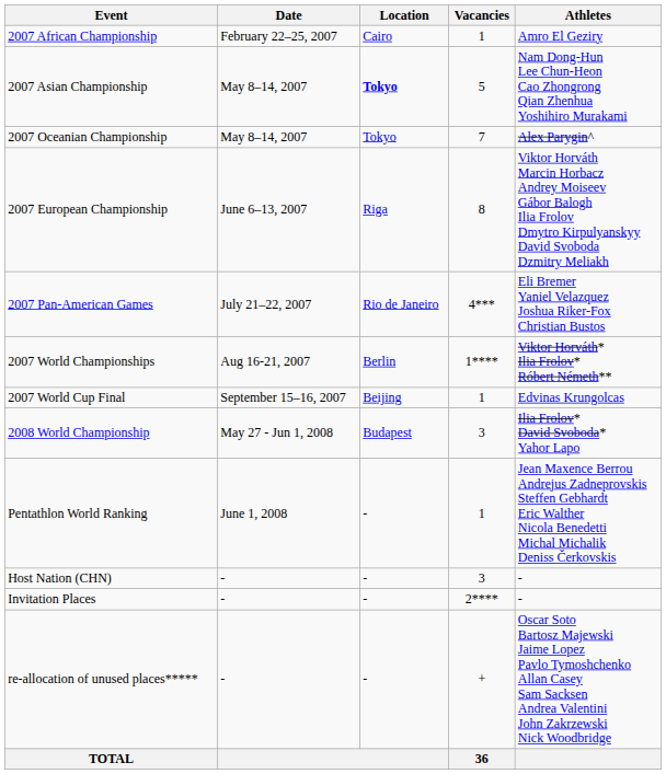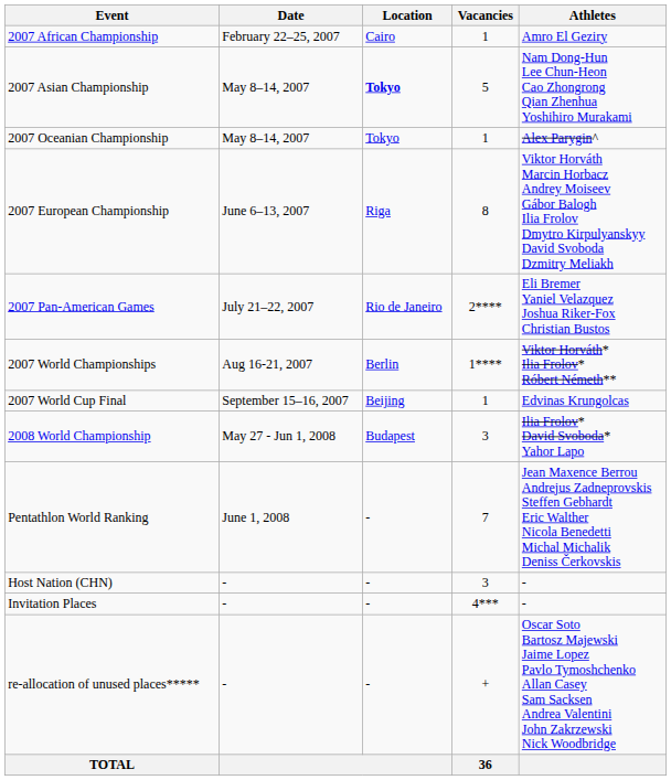 <table class=wikitable width=800>
 <tr>
 <th>Event</th>
 <th>Date</th>
 <th>Location</th>
 <th>Vacancies</th>
 <th>Athletes</th>
 </tr>
 <tr>
 <td><a href='#'>2007 African Championship</a></td>
 <td>February 22–25, 2007</td>
 <td> <a href='#'>Cairo</a></td>
 <td align="center">1</td>
 <td> <a href='#'>Amro El Geziry</a></td>
 </tr>
 <tr>
 <td>2007 Asian Championship</td>
 <td>May 8–14, 2007</td>
 <td><strong> <a href='#'>Tokyo</a></strong></td>
 <td align="center">5</td>
 <td> <a href='#'>Nam Dong-Hun</a><br> <a href='#'>Lee Chun-Heon</a><br> <a href='#'>Cao Zhongrong</a><br> <a href='#'>Qian Zhenhua</a><br> <a href='#'>Yoshihiro Murakami</a></td>
 </tr>
 <tr>
 <td>2007 Oceanian Championship</td>
 <td>May 8–14, 2007</td>
 <td> <a href='#'>Tokyo</a></td>
-<td align="center">7</td>
+<td align="center">1</td>
 <td><s> <a href='#'>Alex Parygin</a></s>^</td>
 </tr>
 <tr>
 <td>2007 European Championship</td>
 <td>June 6–13, 2007</td>
 <td> <a href='#'>Riga</a></td>
 <td align="center">8</td>
 <td> <a href='#'>Viktor Horváth</a><br> <a href='#'>Marcin Horbacz</a><br> <a href='#'>Andrey Moiseev</a><br> <a href='#'>Gábor Balogh</a><br> <a href='#'>Ilia Frolov</a><br> <a href='#'>Dmytro Kirpulyanskyy</a><br> <a href='#'>David Svoboda</a><br> <a href='#'>Dzmitry Meliakh</a></td>
 </tr>
 <tr>
 <td><a href='#'>2007 Pan-American Games</a></td>
 <td>July 21–22, 2007</td>
 <td> <a href='#'>Rio de Janeiro</a></td>
-<td align="center">4***</td>
+<td align="center">2****</td>
 <td> <a href='#'>Eli Bremer</a><br> <a href='#'>Yaniel Velazquez</a><br> <a href='#'>Joshua Riker-Fox</a><br> <a href='#'>Christian Bustos</a></td>
 </tr>
 <tr>
 <td>2007 World Championships</td>
 <td>Aug 16-21, 2007</td>
 <td> <a href='#'>Berlin</a></td>
 <td align="center">1****</td>
 <td><s> <a href='#'>Viktor Horváth</a></s>*<br><s> <a href='#'>Ilia Frolov</a></s>*<br><s> <a href='#'>Róbert Németh</a></s>**</td>
 </tr>
 <tr>
 <td>2007 World Cup Final</td>
 <td>September 15–16, 2007</td>
 <td> <a href='#'>Beijing</a></td>
 <td align="center">1</td>
 <td> <a href='#'>Edvinas Krungolcas</a></td>
 </tr>
 <tr>
 <td><a href='#'>2008 World Championship</a></td>
 <td>May 27 - Jun 1, 2008</td>
 <td> <a href='#'>Budapest</a></td>
 <td align="center">3</td>
 <td><s> <a href='#'>Ilia Frolov</a></s>*<br><s> <a href='#'>David Svoboda</a></s>*<br> <a href='#'>Yahor Lapo</a></td>
 </tr>
 <tr>
 <td>Pentathlon World Ranking</td>
 <td>June 1, 2008</td>
 <td>-</td>
-<td align="center">1</td>
+<td align="center">7</td>
 <td> <a href='#'>Jean Maxence Berrou</a><br> <a href='#'>Andrejus Zadneprovskis</a><br> <a href='#'>Steffen Gebhardt</a><br> <a href='#'>Eric Walther</a><br> <a href='#'>Nicola Benedetti</a><br> <a href='#'>Michal Michalik</a><br> <a href='#'>Deniss Čerkovskis</a></td>
 </tr>
 <tr>
 <td>Host Nation (CHN)</td>
 <td>-</td>
 <td>-</td>
 <td align="center">3</td>
 <td>-</td>
 </tr>
 <tr>
 <td>Invitation Places</td>
 <td>-</td>
 <td>-</td>
-<td align="center">2****</td>
+<td align="center">4***</td>
 <td>-</td>
 </tr>
 <tr>
 <td>re-allocation of unused places*****</td>
 <td>-</td>
 <td>-</td>
 <td align="center">+</td>
 <td> <a href='#'>Oscar Soto</a><br> <a href='#'>Bartosz Majewski</a><br> <a href='#'>Jaime Lopez</a><br> <a href='#'>Pavlo Tymoshchenko</a><br> <a href='#'>Allan Casey</a><br> <a href='#'>Sam Sacksen</a><br> <a href='#'>Andrea Valentini</a><br> <a href='#'>John Zakrzewski</a><br> <a href='#'>Nick Woodbridge</a></td>
 </tr>
 <tr>
 <th>TOTAL</th>
 <th colspan="2"></th>
 <th>36</th>
 <th></th>
 </tr>
 </table>
